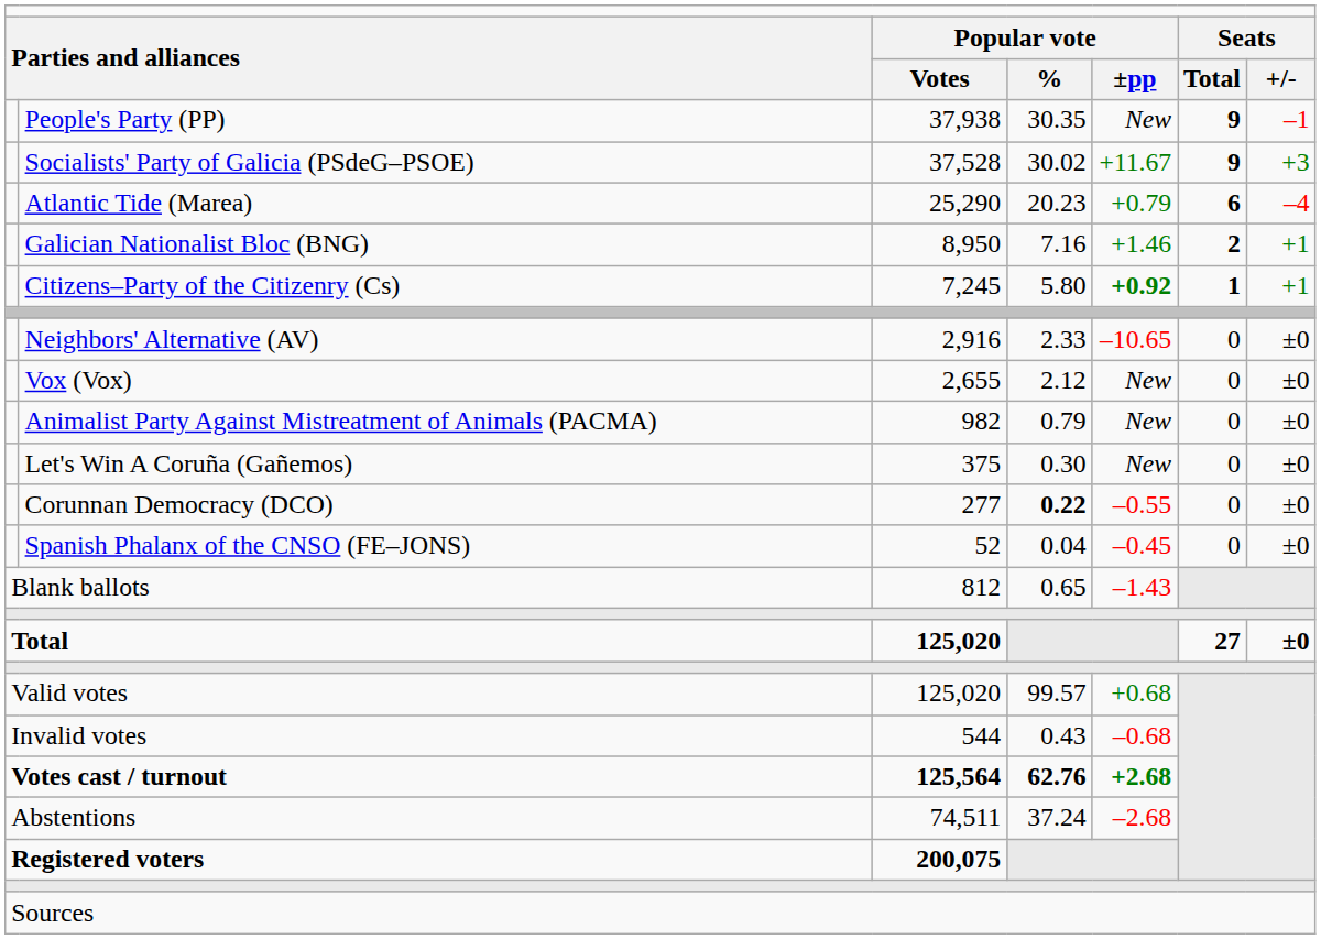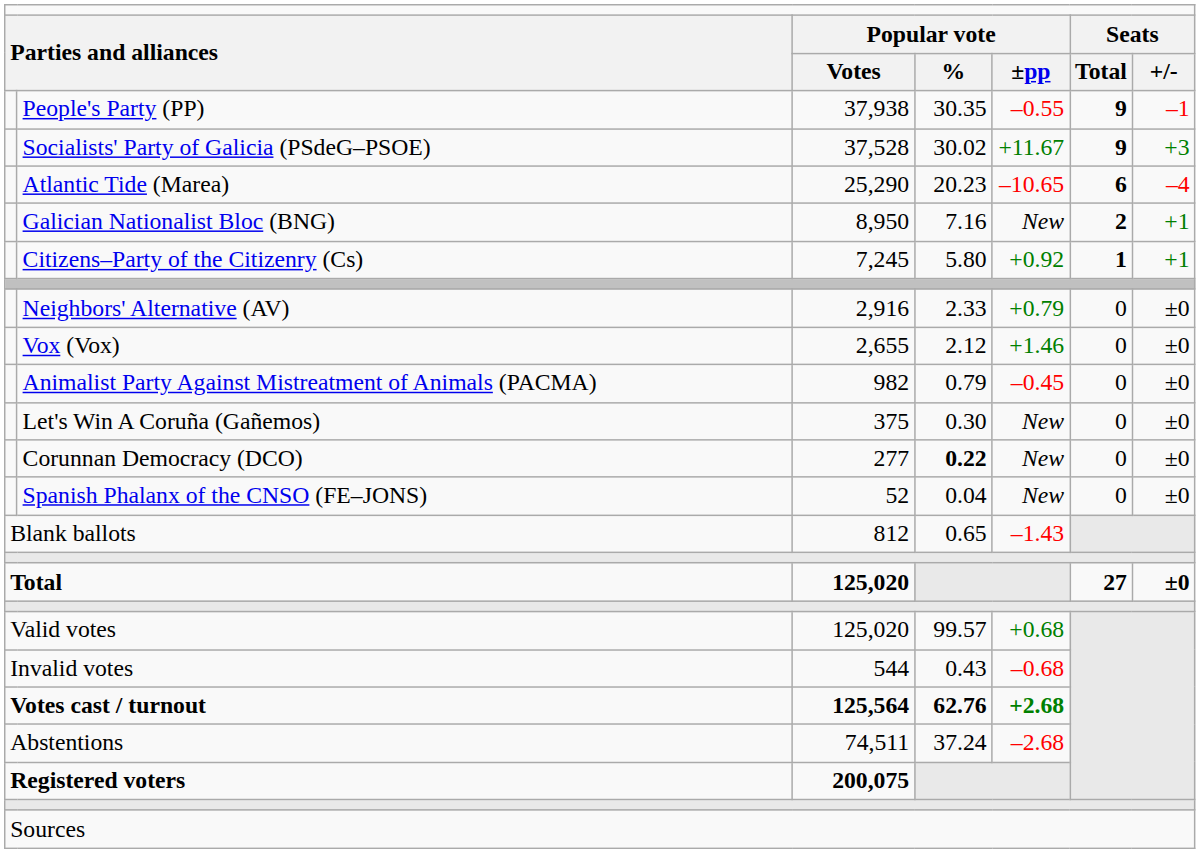 <table class="wikitable" style="text-align:right;">
 <tr>
 <td colspan="7"></td>
 </tr>
 <tr>
 <th style="text-align:left;" rowspan="2" colspan="2" width="525">Parties and alliances</th>
 <th colspan="3">Popular vote</th>
 <th colspan="2">Seats</th>
 </tr>
 <tr>
 <th width="75">Votes</th>
 <th width="45">%</th>
 <th width="45">±<a href='#'>pp</a></th>
 <th width="35">Total</th>
 <th width="35">+/-</th>
 </tr>
 <tr>
 <td width="1" style="color:inherit;background:"></td>
 <td align="left"><a href='#'>People's Party</a> (PP)</td>
 <td>37,938</td>
 <td>30.35</td>
-<td><em>New</em></td>
+<td style="color:red;">–0.55</td>
 <td><strong>9</strong></td>
 <td style="color:red;">–1</td>
 </tr>
 <tr>
 <td style="color:inherit;background:"></td>
 <td align="left"><a href='#'>Socialists' Party of Galicia</a> (PSdeG–PSOE)</td>
 <td>37,528</td>
 <td>30.02</td>
 <td style="color:green;">+11.67</td>
 <td><strong>9</strong></td>
 <td style="color:green;">+3</td>
 </tr>
 <tr>
 <td style="color:inherit;background:"></td>
 <td align="left"><a href='#'>Atlantic Tide</a> (Marea)</td>
 <td>25,290</td>
 <td>20.23</td>
-<td style="color:green;">+0.79</td>
+<td style="color:red;">–10.65</td>
 <td><strong>6</strong></td>
 <td style="color:red;">–4</td>
 </tr>
 <tr>
 <td style="color:inherit;background:"></td>
 <td align="left"><a href='#'>Galician Nationalist Bloc</a> (BNG)</td>
 <td>8,950</td>
 <td>7.16</td>
-<td style="color:green;">+1.46</td>
+<td><em>New</em></td>
 <td><strong>2</strong></td>
 <td style="color:green;">+1</td>
 </tr>
 <tr>
 <td style="color:inherit;background:"></td>
 <td align="left"><a href='#'>Citizens–Party of the Citizenry</a> (Cs)</td>
 <td>7,245</td>
 <td>5.80</td>
-<td style="color:green;"><strong>+0.92</strong></td>
+<td style="color:green;">+0.92</td>
 <td><strong>1</strong></td>
 <td style="color:green;">+1</td>
 </tr>
 <tr>
 <td colspan="7" bgcolor="#C0C0C0"></td>
 </tr>
 <tr>
 <td style="color:inherit;background:"></td>
 <td align="left"><a href='#'>Neighbors' Alternative</a> (AV)</td>
 <td>2,916</td>
 <td>2.33</td>
-<td style="color:red;">–10.65</td>
+<td style="color:green;">+0.79</td>
 <td>0</td>
 <td>±0</td>
 </tr>
 <tr>
 <td style="color:inherit;background:"></td>
 <td align="left"><a href='#'>Vox</a> (Vox)</td>
 <td>2,655</td>
 <td>2.12</td>
-<td><em>New</em></td>
+<td style="color:green;">+1.46</td>
 <td>0</td>
 <td>±0</td>
 </tr>
 <tr>
 <td style="color:inherit;background:"></td>
 <td align="left"><a href='#'>Animalist Party Against Mistreatment of Animals</a> (PACMA)</td>
 <td>982</td>
 <td>0.79</td>
-<td><em>New</em></td>
+<td style="color:red;">–0.45</td>
 <td>0</td>
 <td>±0</td>
 </tr>
 <tr>
 <td style="color:inherit;background:"></td>
 <td align="left">Let's Win A Coruña (Gañemos)</td>
 <td>375</td>
 <td>0.30</td>
 <td><em>New</em></td>
 <td>0</td>
 <td>±0</td>
 </tr>
 <tr>
 <td style="color:inherit;background:"></td>
 <td align="left">Corunnan Democracy (DCO)</td>
 <td>277</td>
 <td><strong>0.22</strong></td>
-<td style="color:red;">–0.55</td>
+<td><em>New</em></td>
 <td>0</td>
 <td>±0</td>
 </tr>
 <tr>
 <td style="color:inherit;background:"></td>
 <td align="left"><a href='#'>Spanish Phalanx of the CNSO</a> (FE–JONS)</td>
 <td>52</td>
 <td>0.04</td>
-<td style="color:red;">–0.45</td>
+<td><em>New</em></td>
 <td>0</td>
 <td>±0</td>
 </tr>
 <tr>
 <td align="left" colspan="2">Blank ballots</td>
 <td>812</td>
 <td>0.65</td>
 <td style="color:red;">–1.43</td>
 <td bgcolor="#E9E9E9" colspan="2"></td>
 </tr>
 <tr>
 <td colspan="7" bgcolor="#E9E9E9"></td>
 </tr>
 <tr style="font-weight:bold;">
 <td align="left" colspan="2">Total</td>
 <td>125,020</td>
 <td bgcolor="#E9E9E9" colspan="2"></td>
 <td>27</td>
 <td>±0</td>
 </tr>
 <tr>
 <td colspan="7" bgcolor="#E9E9E9"></td>
 </tr>
 <tr>
 <td align="left" colspan="2">Valid votes</td>
 <td>125,020</td>
 <td>99.57</td>
 <td style="color:green;">+0.68</td>
 <td bgcolor="#E9E9E9" colspan="2" rowspan="5"></td>
 </tr>
 <tr>
 <td align="left" colspan="2">Invalid votes</td>
 <td>544</td>
 <td>0.43</td>
 <td style="color:red;">–0.68</td>
 </tr>
 <tr style="font-weight:bold;">
 <td align="left" colspan="2">Votes cast / turnout</td>
 <td>125,564</td>
 <td>62.76</td>
 <td style="color:green;">+2.68</td>
 </tr>
 <tr>
 <td align="left" colspan="2">Abstentions</td>
 <td>74,511</td>
 <td>37.24</td>
 <td style="color:red;">–2.68</td>
 </tr>
 <tr style="font-weight:bold;">
 <td align="left" colspan="2">Registered voters</td>
 <td>200,075</td>
 <td bgcolor="#E9E9E9" colspan="2"></td>
 </tr>
 <tr>
 <td colspan="7" bgcolor="#E9E9E9"></td>
 </tr>
 <tr>
 <td align="left" colspan="7">Sources</td>
 </tr>
 </table>
